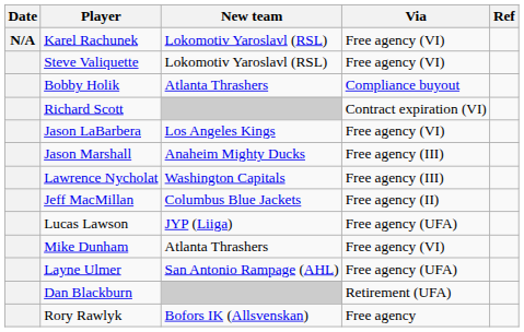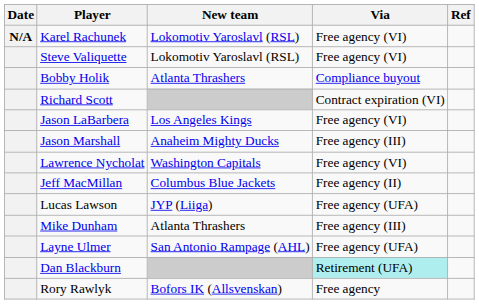 <table class="wikitable plainrowheaders">
 <tr style="background:#ddd; text-align:center;">
 <th>Date</th>
 <th>Player</th>
 <th>New team</th>
 <th>Via</th>
 <th>Ref</th>
 </tr>
 <tr>
 <th scope="row">N/A</th>
 <td><a href='#'>Karel Rachunek</a></td>
 <td><a href='#'>Lokomotiv Yaroslavl</a> (<a href='#'>RSL</a>)</td>
 <td>Free agency (VI)</td>
 <td></td>
 </tr>
 <tr>
 <th scope="row"></th>
 <td><a href='#'>Steve Valiquette</a></td>
 <td>Lokomotiv Yaroslavl (RSL)</td>
 <td>Free agency (VI)</td>
 <td></td>
 </tr>
 <tr>
 <th scope="row"></th>
 <td><a href='#'>Bobby Holik</a></td>
 <td><a href='#'>Atlanta Thrashers</a></td>
 <td><a href='#'>Compliance buyout</a></td>
 <td></td>
 </tr>
 <tr>
 <th scope="row"></th>
 <td><a href='#'>Richard Scott</a></td>
 <td style="background:#ccc"></td>
 <td>Contract expiration (VI)</td>
 <td></td>
 </tr>
 <tr>
 <th scope="row"></th>
 <td><a href='#'>Jason LaBarbera</a></td>
 <td><a href='#'>Los Angeles Kings</a></td>
 <td>Free agency (VI)</td>
 <td></td>
 </tr>
 <tr>
 <th scope="row"></th>
 <td><a href='#'>Jason Marshall</a></td>
 <td><a href='#'>Anaheim Mighty Ducks</a></td>
 <td>Free agency (III)</td>
 <td></td>
 </tr>
 <tr>
 <th scope="row"></th>
 <td><a href='#'>Lawrence Nycholat</a></td>
 <td><a href='#'>Washington Capitals</a></td>
-<td>Free agency (III)</td>
+<td>Free agency (VI)</td>
 <td></td>
 </tr>
 <tr>
 <th scope="row"></th>
 <td><a href='#'>Jeff MacMillan</a></td>
 <td><a href='#'>Columbus Blue Jackets</a></td>
 <td>Free agency (II)</td>
 <td></td>
 </tr>
 <tr>
 <th scope="row"></th>
 <td>Lucas Lawson</td>
 <td><a href='#'>JYP</a> (<a href='#'>Liiga</a>)</td>
 <td>Free agency (UFA)</td>
 <td></td>
 </tr>
 <tr>
 <th scope="row"></th>
 <td><a href='#'>Mike Dunham</a></td>
 <td>Atlanta Thrashers</td>
-<td>Free agency (VI)</td>
+<td>Free agency (III)</td>
 <td></td>
 </tr>
 <tr>
 <th scope="row"></th>
 <td><a href='#'>Layne Ulmer</a></td>
 <td><a href='#'>San Antonio Rampage</a> (<a href='#'>AHL</a>)</td>
 <td>Free agency (UFA)</td>
 <td></td>
 </tr>
 <tr>
 <th scope="row"></th>
 <td><a href='#'>Dan Blackburn</a></td>
 <td style="background:#ccc"></td>
-<td>Retirement (UFA)</td>
+<td style="background: paleturquoise;">Retirement (UFA)</td>
 <td></td>
 </tr>
 <tr>
 <th scope="row"></th>
 <td>Rory Rawlyk</td>
 <td><a href='#'>Bofors IK</a> (<a href='#'>Allsvenskan</a>)</td>
 <td>Free agency</td>
 <td></td>
 </tr>
 </table>
